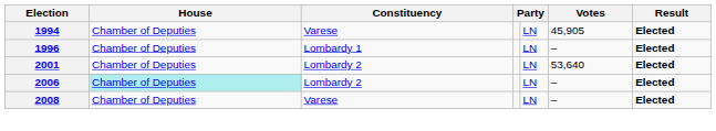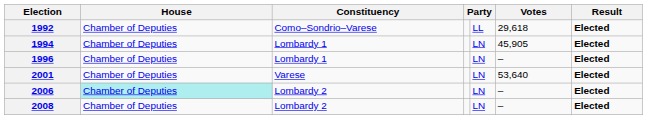 <table class=wikitable style="width:65%; border:1px #AAAAFF solid">
 <tr>
 <th width=12%>Election</th>
 <th width=30%>House</th>
 <th width=30%>Constituency</th>
 <th width=5% colspan="2">Party</th>
 <th width=12%>Votes</th>
 <th width=15%>Result</th>
 </tr>
 <tr>
+<th><a href='#'>1992</a></th>
+<td><a href='#'>Chamber of Deputies</a></td>
+<td><a href='#'>Como–Sondrio–Varese</a></td>
+<td></td>
+<td><a href='#'>LL</a></td>
+<td>29,618</td>
+<td> <strong>Elected</strong></td>
+</tr>
+<tr>
 <th><a href='#'>1994</a></th>
 <td><a href='#'>Chamber of Deputies</a></td>
-<td><a href='#'>Varese</a></td>
+<td><a href='#'>Lombardy 1</a></td>
 <td></td>
 <td><a href='#'>LN</a></td>
 <td>45,905</td>
 <td> <strong>Elected</strong></td>
 </tr>
 <tr>
 <th><a href='#'>1996</a></th>
 <td><a href='#'>Chamber of Deputies</a></td>
 <td><a href='#'>Lombardy 1</a></td>
 <td></td>
 <td><a href='#'>LN</a></td>
 <td>–</td>
 <td> <strong>Elected</strong></td>
 </tr>
 <tr>
 <th><a href='#'>2001</a></th>
 <td><a href='#'>Chamber of Deputies</a></td>
-<td><a href='#'>Lombardy 2</a></td>
+<td><a href='#'>Varese</a></td>
 <td></td>
 <td><a href='#'>LN</a></td>
 <td>53,640</td>
 <td> <strong>Elected</strong></td>
 </tr>
 <tr>
 <th><a href='#'>2006</a></th>
 <td style="background: paleturquoise;"><a href='#'>Chamber of Deputies</a></td>
 <td><a href='#'>Lombardy 2</a></td>
 <td></td>
 <td><a href='#'>LN</a></td>
 <td>–</td>
 <td> <strong>Elected</strong></td>
 </tr>
 <tr>
 <th><a href='#'>2008</a></th>
 <td><a href='#'>Chamber of Deputies</a></td>
-<td><a href='#'>Varese</a></td>
+<td><a href='#'>Lombardy 2</a></td>
 <td></td>
 <td><a href='#'>LN</a></td>
 <td>–</td>
 <td> <strong>Elected</strong></td>
 </tr>
 </table>
